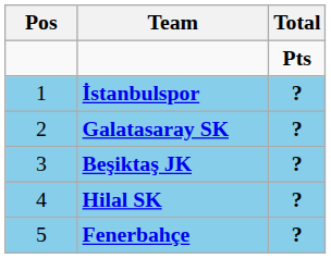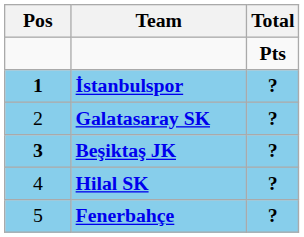 <table class="wikitable" style="text-align: center; font-size:95%">
 <tr>
 <th width="44">Pos</th>
 <th width="128">Team</th>
 <th colspan=7>Total</th>
 </tr>
 <tr>
 <td></td>
 <td></td>
 <td width="30"><strong>Pts</strong></td>
 </tr>
 <tr bgcolor="87ceeb">
-<td>1</td>
+<td><strong>1</strong></td>
 <td align="left"><strong><a href='#'>İstanbulspor</a></strong></td>
 <td><strong>?</strong></td>
 </tr>
 <tr bgcolor="87ceeb">
 <td>2</td>
 <td align="left"><strong><a href='#'>Galatasaray SK</a></strong></td>
 <td><strong>?</strong></td>
 </tr>
 <tr bgcolor="87ceeb">
-<td>3</td>
+<td><strong>3</strong></td>
 <td align="left"><strong><a href='#'>Beşiktaş JK</a></strong></td>
 <td><strong>?</strong></td>
 </tr>
 <tr bgcolor="87ceeb">
 <td>4</td>
 <td align="left"><strong><a href='#'>Hilal SK</a></strong></td>
 <td><strong>?</strong></td>
 </tr>
 <tr bgcolor="87ceeb">
 <td>5</td>
 <td align="left"><strong><a href='#'>Fenerbahçe</a></strong></td>
 <td><strong>?</strong></td>
 </tr>
 </table>
